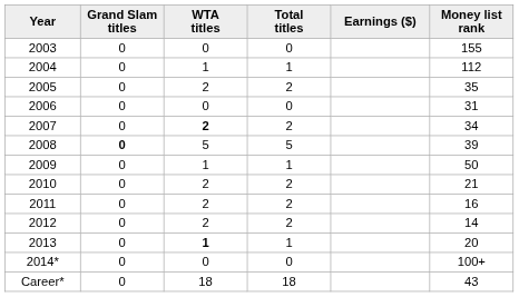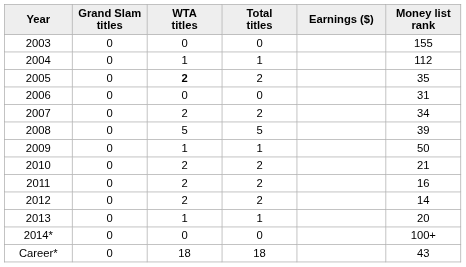 <table cellpadding=3 cellspacing=0 border=1 style=border:#aaa;solid:1px;border-collapse:collapse;text-align:center;>
 <tr style=background:#eee;font-weight:bold>
 <td width="90">Year</td>
 <td width="100">Grand Slam <br>titles</td>
 <td width="100">WTA <br>titles</td>
 <td width="100">Total <br>titles</td>
 <td width="120">Earnings ($)</td>
 <td width="100">Money list rank</td>
 </tr>
 <tr>
 <td>2003</td>
 <td>0</td>
 <td>0</td>
 <td>0</td>
 <td align="right"></td>
 <td>155</td>
 </tr>
 <tr>
 <td>2004</td>
 <td>0</td>
 <td>1</td>
 <td>1</td>
 <td align="right"></td>
 <td>112</td>
 </tr>
 <tr>
 <td>2005</td>
 <td>0</td>
-<td>2</td>
+<td><strong>2</strong></td>
 <td>2</td>
 <td align="right"></td>
 <td>35</td>
 </tr>
 <tr>
 <td>2006</td>
 <td>0</td>
 <td>0</td>
 <td>0</td>
 <td align="right"></td>
 <td>31</td>
 </tr>
 <tr>
 <td>2007</td>
 <td>0</td>
-<td><strong>2</strong></td>
+<td>2</td>
 <td>2</td>
 <td align="right"></td>
 <td>34</td>
 </tr>
 <tr>
 <td>2008</td>
-<td><strong>0</strong></td>
+<td>0</td>
 <td>5</td>
 <td>5</td>
 <td align="right"></td>
 <td>39</td>
 </tr>
 <tr>
 <td>2009</td>
 <td>0</td>
 <td>1</td>
 <td>1</td>
 <td align="right"></td>
 <td>50</td>
 </tr>
 <tr>
 <td>2010</td>
 <td>0</td>
 <td>2</td>
 <td>2</td>
 <td align="right"></td>
 <td>21</td>
 </tr>
 <tr>
 <td>2011</td>
 <td>0</td>
 <td>2</td>
 <td>2</td>
 <td align="right"></td>
 <td>16</td>
 </tr>
 <tr>
 <td>2012</td>
 <td>0</td>
 <td>2</td>
 <td>2</td>
 <td align="right"></td>
 <td>14</td>
 </tr>
 <tr>
 <td>2013</td>
 <td>0</td>
-<td><strong>1</strong></td>
+<td>1</td>
 <td>1</td>
 <td align="right"></td>
 <td>20</td>
 </tr>
 <tr>
 <td>2014*</td>
 <td>0</td>
 <td>0</td>
 <td>0</td>
 <td align="right"></td>
 <td>100+</td>
 </tr>
 <tr>
 <td>Career*</td>
 <td>0</td>
 <td>18</td>
 <td>18</td>
 <td align="right"></td>
 <td>43</td>
 </tr>
 </table>
